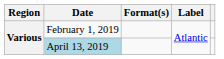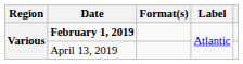 <table class="wikitable plainrowheaders">
 <tr>
 <th scope="col">Region</th>
 <th scope="col">Date</th>
 <th scope="col">Format(s)</th>
 <th scope="col">Label</th>
 <th scope="col"></th>
 </tr>
 <tr>
 <th scope="row" rowspan="2">Various</th>
-<td>February 1, 2019</td>
+<td><strong>February 1, 2019</strong></td>
 <td></td>
 <td rowspan="2"><a href='#'>Atlantic</a></td>
 <td align="center"></td>
 </tr>
 <tr>
-<td style="background: lightblue;">April 13, 2019</td>
+<td>April 13, 2019</td>
 <td></td>
 <td align="center"></td>
 </tr>
 </table>
